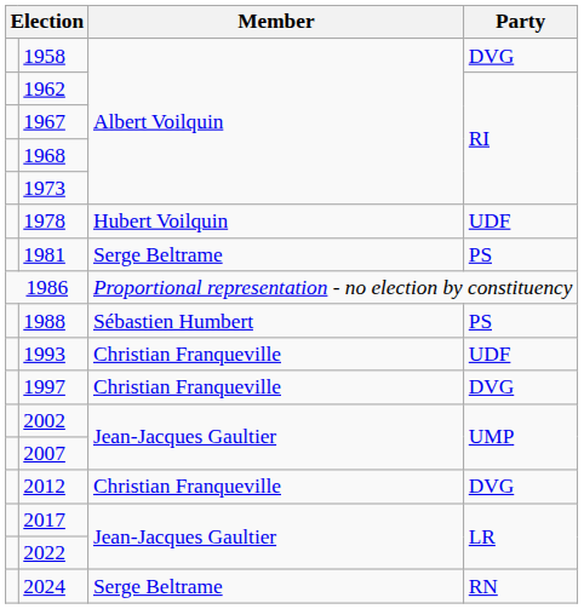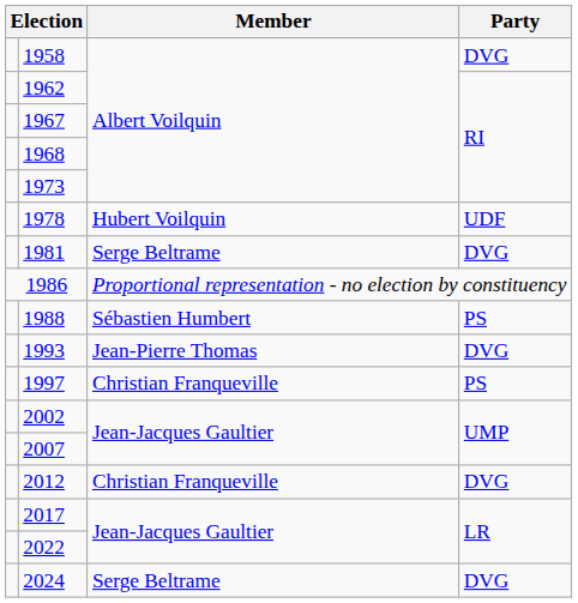 <table class="wikitable">
 <tr>
 <th colspan="2">Election</th>
 <th>Member</th>
 <th>Party</th>
 </tr>
 <tr>
 <td style="background-color: "></td>
 <td><a href='#'>1958</a></td>
 <td rowspan="5"><a href='#'>Albert Voilquin</a></td>
 <td><a href='#'>DVG</a></td>
 </tr>
 <tr>
 <td style="background-color: "></td>
 <td><a href='#'>1962</a></td>
 <td rowspan="4"><a href='#'>RI</a></td>
 </tr>
 <tr>
 <td style="background-color: "></td>
 <td><a href='#'>1967</a></td>
 </tr>
 <tr>
 <td style="background-color: "></td>
 <td><a href='#'>1968</a></td>
 </tr>
 <tr>
 <td style="background-color: "></td>
 <td><a href='#'>1973</a></td>
 </tr>
 <tr>
 <td style="background-color: "></td>
 <td><a href='#'>1978</a></td>
 <td><a href='#'>Hubert Voilquin</a></td>
 <td><a href='#'>UDF</a></td>
 </tr>
 <tr>
 <td style="background-color: "></td>
 <td><a href='#'>1981</a></td>
 <td><a href='#'>Serge Beltrame</a></td>
-<td><a href='#'>PS</a></td>
+<td><a href='#'>DVG</a></td>
 </tr>
 <tr>
 <td colspan="2" align="center"><a href='#'>1986</a></td>
 <td colspan="2"><em><a href='#'>Proportional representation</a> - no election by constituency</em></td>
 </tr>
 <tr>
 <td style="background-color: "></td>
 <td><a href='#'>1988</a></td>
 <td><a href='#'>Sébastien Humbert</a></td>
 <td><a href='#'>PS</a></td>
 </tr>
 <tr>
 <td style="background-color: "></td>
 <td><a href='#'>1993</a></td>
-<td><a href='#'>Christian Franqueville</a></td>
-<td><a href='#'>UDF</a></td>
+<td><a href='#'>Jean-Pierre Thomas</a></td>
+<td><a href='#'>DVG</a></td>
 </tr>
 <tr>
 <td style="background-color: "></td>
 <td><a href='#'>1997</a></td>
 <td><a href='#'>Christian Franqueville</a></td>
-<td><a href='#'>DVG</a></td>
+<td><a href='#'>PS</a></td>
 </tr>
 <tr>
 <td style="background-color: "></td>
 <td><a href='#'>2002</a></td>
 <td rowspan="2"><a href='#'>Jean-Jacques Gaultier</a></td>
 <td rowspan="2"><a href='#'>UMP</a></td>
 </tr>
 <tr>
 <td style="background-color: "></td>
 <td><a href='#'>2007</a></td>
 </tr>
 <tr>
 <td style="background-color: "></td>
 <td><a href='#'>2012</a></td>
 <td><a href='#'>Christian Franqueville</a></td>
 <td><a href='#'>DVG</a></td>
 </tr>
 <tr>
 <td style="background-color: "></td>
 <td><a href='#'>2017</a></td>
 <td rowspan="2"><a href='#'>Jean-Jacques Gaultier</a></td>
 <td rowspan="2"><a href='#'>LR</a></td>
 </tr>
 <tr>
 <td style="background-color: "></td>
 <td><a href='#'>2022</a></td>
 </tr>
 <tr>
 <td style="background-color: "></td>
 <td><a href='#'>2024</a></td>
 <td><a href='#'>Serge Beltrame</a></td>
-<td><a href='#'>RN</a></td>
+<td><a href='#'>DVG</a></td>
 </tr>
 </table>
